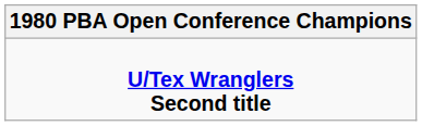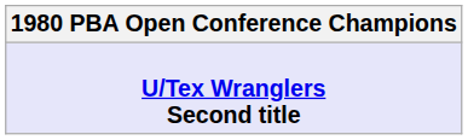 <table class=wikitable style="text-align:center; margin:auto">
 <tr>
 <th>1980 PBA Open Conference Champions</th>
 </tr>
 <tr>
-<td><br> <strong><a href='#'>U/Tex Wranglers</a></strong> <br> <strong>Second title</strong></td>
+<td style="background: lavender;"><br> <strong><a href='#'>U/Tex Wranglers</a></strong> <br> <strong>Second title</strong></td>
 </tr>
 </table>
